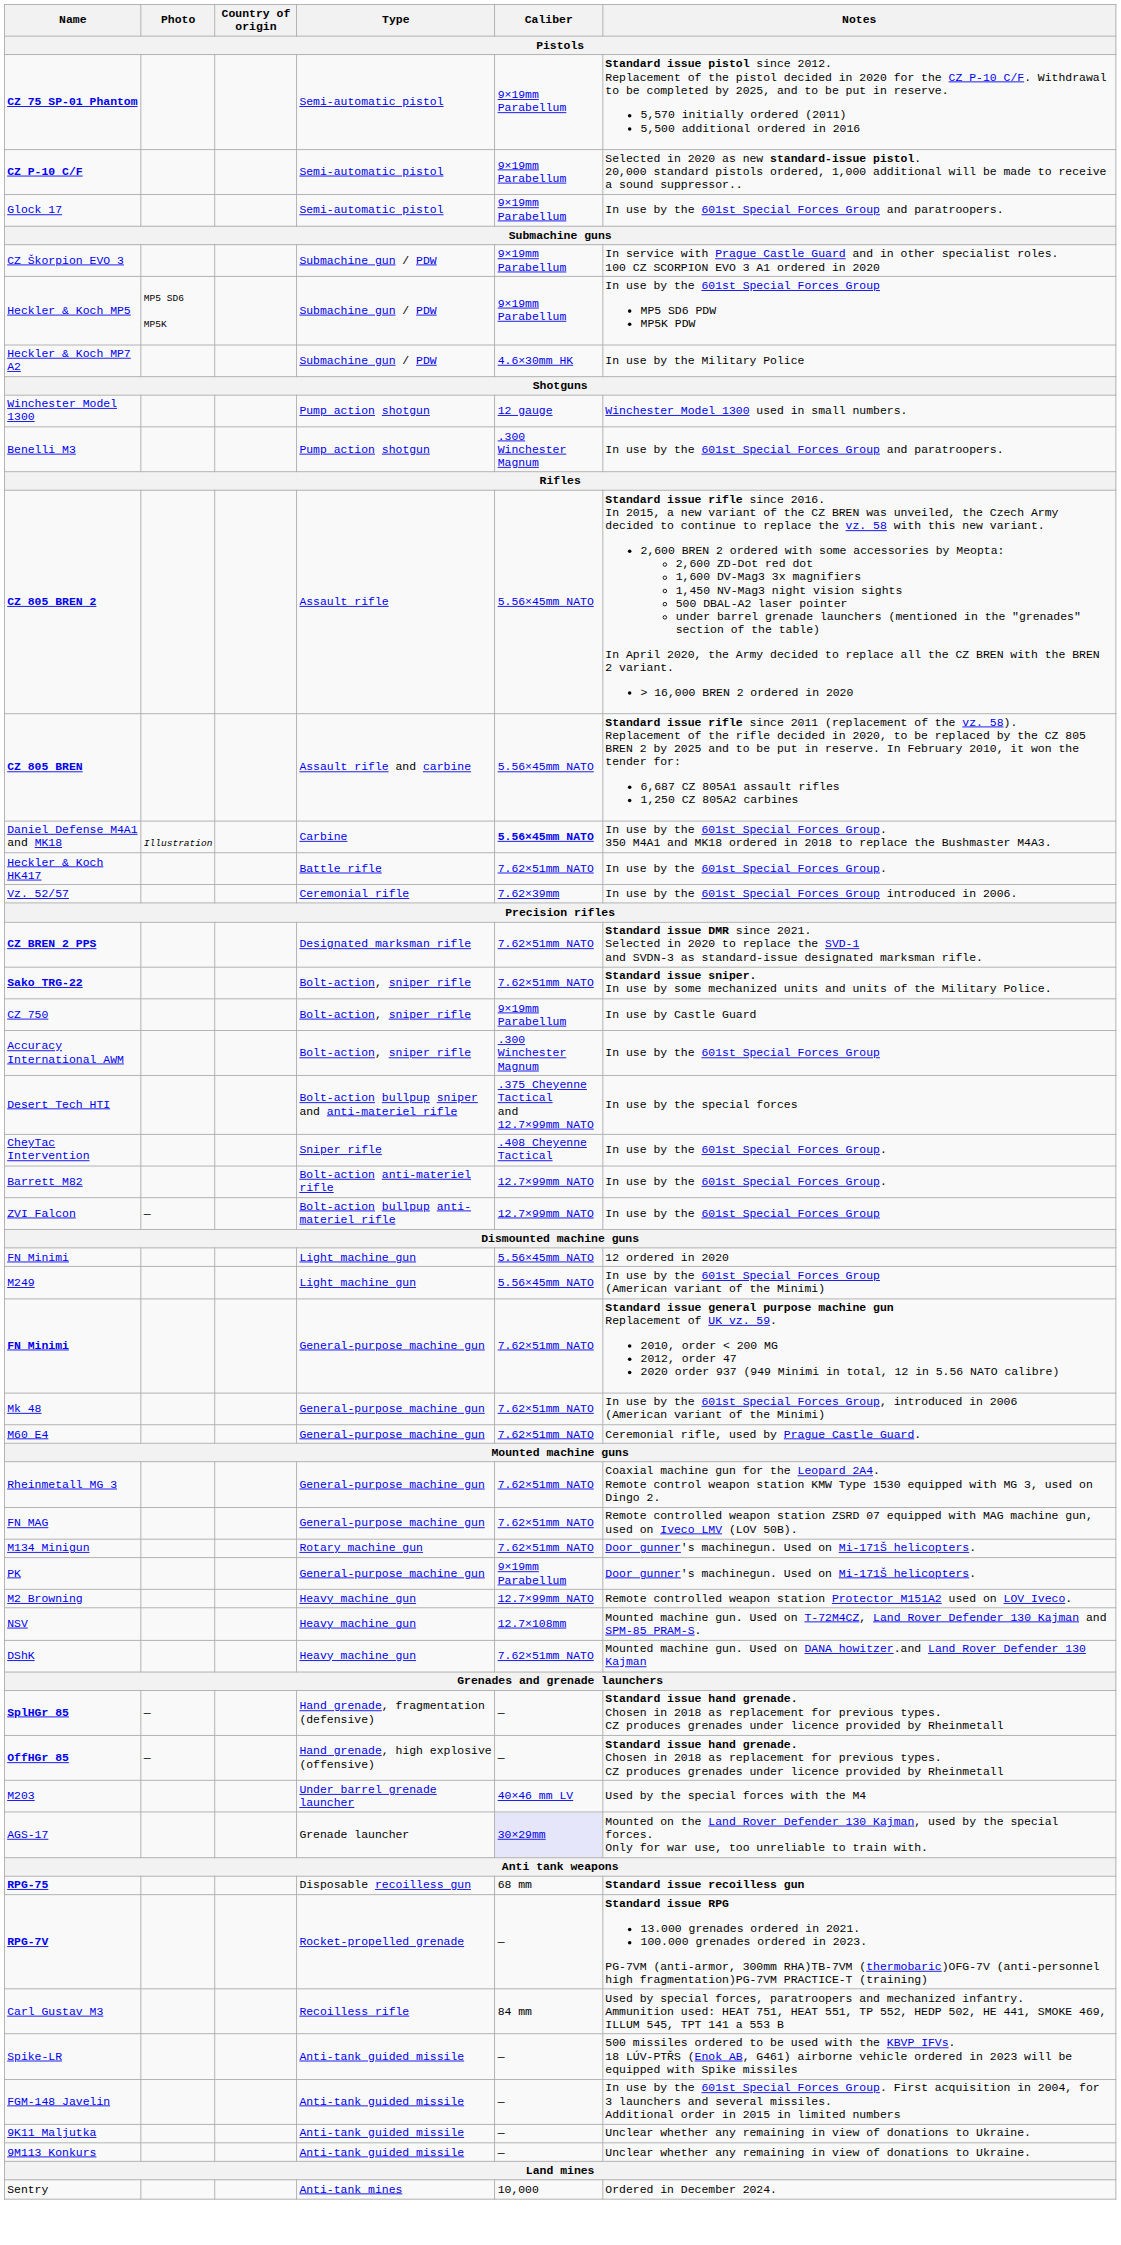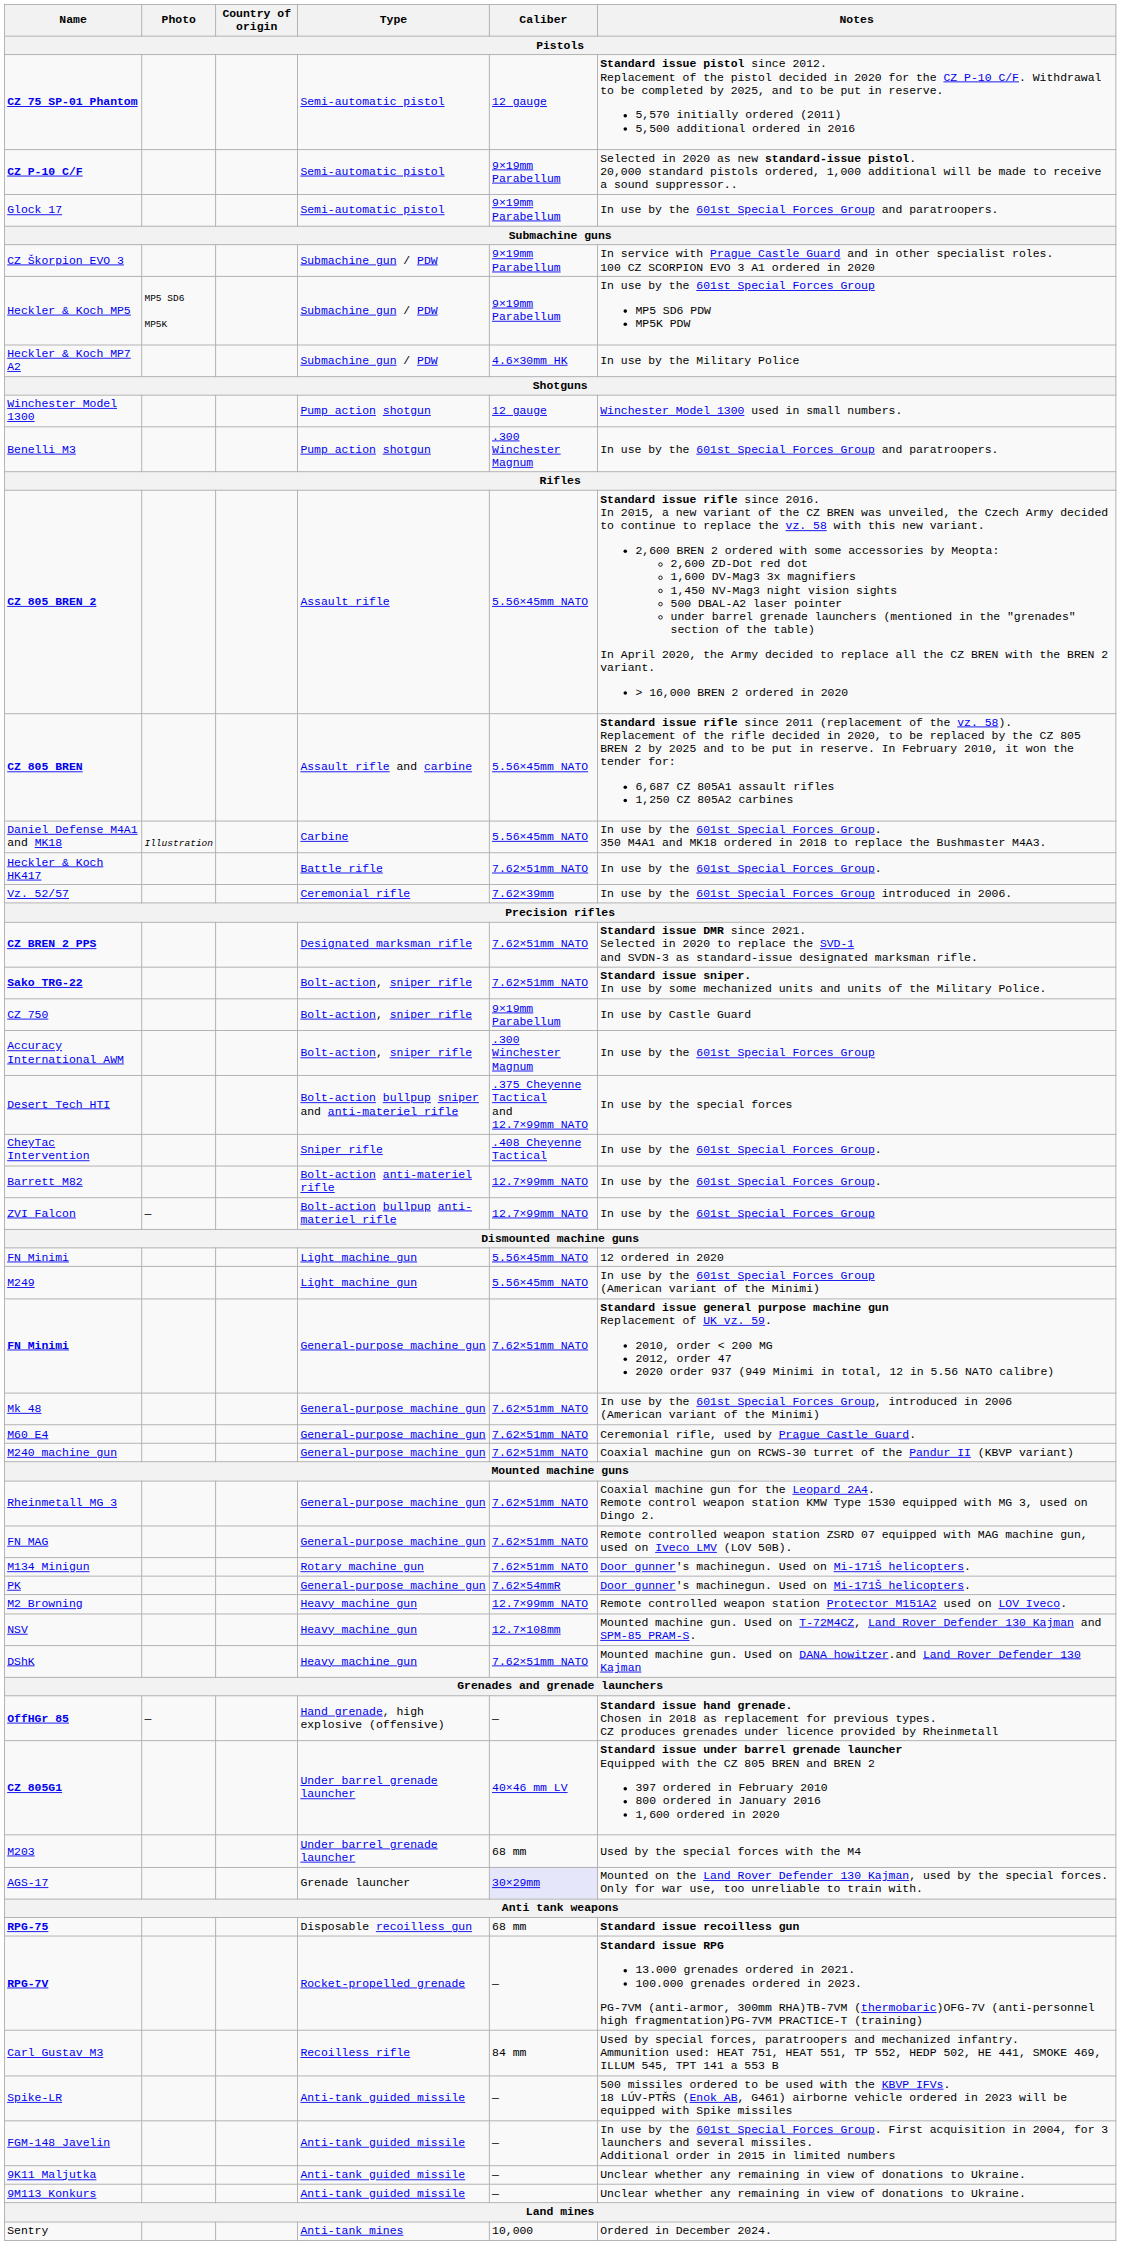 <table class="wikitable" border="0" width="100%">
 <tr>
 <th>Name</th>
 <th>Photo</th>
 <th>Country of origin</th>
 <th>Type</th>
 <th>Caliber</th>
 <th>Notes</th>
 </tr>
 <tr>
 <th colspan="6">Pistols</th>
 </tr>
 <tr>
 <td><a href='#'><strong>CZ 75 SP-01 Phantom</strong></a></td>
 <td></td>
 <td></td>
 <td><a href='#'>Semi-automatic pistol</a></td>
-<td><a href='#'>9×19mm Parabellum</a></td>
+<td><a href='#'>12 gauge</a></td>
 <td><strong>Standard issue pistol</strong> since 2012.<br>Replacement of the pistol decided in 2020 for the <a href='#'>CZ P-10 C/F</a>.  Withdrawal to be completed by 2025, and to be put in reserve. <strong></strong><ul><li>5,570 initially ordered (2011)</li><li>5,500 additional ordered in 2016</li></ul></td>
 </tr>
 <tr>
 <td><a href='#'><strong>CZ P-10 C/F</strong></a></td>
 <td></td>
 <td></td>
 <td><a href='#'>Semi-automatic pistol</a></td>
 <td><a href='#'>9×19mm Parabellum</a></td>
 <td>Selected in 2020 as new <strong>standard-issue pistol</strong>.<br>20,000 standard pistols ordered, 1,000 additional will be made to receive a sound suppressor.. <strong></strong></td>
 </tr>
 <tr>
 <td><a href='#'>Glock 17</a></td>
 <td></td>
 <td></td>
 <td><a href='#'>Semi-automatic pistol</a></td>
 <td><a href='#'>9×19mm Parabellum</a></td>
 <td>In use by the <a href='#'>601st Special Forces Group</a> and paratroopers.</td>
 </tr>
 <tr>
 <th colspan="6">Submachine guns</th>
 </tr>
 <tr>
 <td><a href='#'>CZ Škorpion EVO 3</a></td>
 <td></td>
 <td></td>
 <td><a href='#'>Submachine gun</a> / <a href='#'>PDW</a></td>
 <td><a href='#'>9×19mm Parabellum</a></td>
 <td>In service with <a href='#'>Prague Castle Guard</a> and in other specialist roles.<br>100 CZ SCORPION EVO 3 A1 ordered in 2020 </td>
 </tr>
 <tr>
 <td><a href='#'>Heckler & Koch MP5</a></td>
 <td><small>MP5 SD6</small><br><br><small>MP5K</small><br></td>
 <td></td>
 <td><a href='#'>Submachine gun</a> / <a href='#'>PDW</a></td>
 <td><a href='#'>9×19mm Parabellum</a></td>
 <td>In use by the <a href='#'>601st Special Forces Group</a><br><ul><li>MP5 SD6 PDW</li><li>MP5K PDW</li></ul></td>
 </tr>
 <tr>
 <td><a href='#'>Heckler & Koch MP7 A2</a></td>
 <td></td>
 <td></td>
 <td><a href='#'>Submachine gun</a> / <a href='#'>PDW</a></td>
 <td><a href='#'>4.6×30mm HK</a></td>
 <td>In use by the Military Police </td>
 </tr>
 <tr>
 <th colspan="6">Shotguns</th>
 </tr>
 <tr>
 <td><a href='#'>Winchester Model 1300</a></td>
 <td></td>
 <td></td>
 <td><a href='#'>Pump action</a> <a href='#'>shotgun</a></td>
 <td><a href='#'>12 gauge</a></td>
 <td><a href='#'>Winchester Model 1300</a> used in small numbers.</td>
 </tr>
 <tr>
 <td><a href='#'>Benelli M3</a></td>
 <td></td>
 <td></td>
 <td><a href='#'>Pump action</a> <a href='#'>shotgun</a></td>
 <td><a href='#'>.300 Winchester Magnum</a></td>
 <td>In use by the <a href='#'>601st Special Forces Group</a> and paratroopers.</td>
 </tr>
 <tr>
 <th colspan="6">Rifles</th>
 </tr>
 <tr>
 <td><a href='#'><strong>CZ 805 BREN 2</strong></a></td>
 <td></td>
 <td></td>
 <td><a href='#'>Assault rifle</a></td>
 <td><a href='#'>5.56×45mm NATO</a></td>
 <td><strong>Standard issue rifle</strong> since 2016.<br>In 2015, a new variant of the CZ BREN was unveiled, the Czech Army decided to continue to replace the <a href='#'>vz. 58</a> with this new variant.<ul><li>2,600 BREN 2 ordered with some accessories by Meopta:<ul><li>2,600 ZD-Dot red dot</li><li>1,600 DV-Mag3 3x magnifiers</li><li>1,450 NV-Mag3 night vision sights</li><li>500 DBAL-A2 laser pointer</li><li>under barrel grenade launchers (mentioned in the "grenades" section of the table)</li></ul></li></ul>In April 2020, the Army decided to replace all the CZ BREN with the BREN 2 variant.<ul><li>> 16,000 BREN 2 ordered in 2020</li></ul></td>
 </tr>
 <tr>
 <td><strong><a href='#'>CZ 805 BREN</a></strong></td>
 <td></td>
 <td></td>
 <td><a href='#'>Assault rifle</a> and <a href='#'>carbine</a></td>
 <td><a href='#'>5.56×45mm NATO</a></td>
 <td><strong>Standard issue rifle</strong> since 2011 (replacement of the <a href='#'>vz. 58</a>).<br>Replacement of the rifle decided in 2020, to be replaced by the CZ 805 BREN 2 by 2025 and to be put in reserve. In February 2010, it won the tender for:<ul><li>6,687 CZ 805A1 assault rifles</li><li>1,250 CZ 805A2 carbines</li></ul></td>
 </tr>
 <tr>
 <td><a href='#'>Daniel Defense M4A1</a> and <a href='#'>MK18</a></td>
 <td><br><small><em>Illustration</em></small></td>
 <td></td>
 <td><a href='#'>Carbine</a></td>
-<td><strong><a href='#'>5.56×45mm NATO</a></strong></td>
+<td><a href='#'>5.56×45mm NATO</a></td>
 <td>In use by the <a href='#'>601st Special Forces Group</a>.<br>350 M4A1 and MK18 ordered in 2018 to replace the Bushmaster M4A3.</td>
 </tr>
 <tr>
 <td><a href='#'>Heckler & Koch HK417</a></td>
 <td></td>
 <td></td>
 <td><a href='#'>Battle rifle</a></td>
 <td><a href='#'>7.62×51mm NATO</a></td>
 <td>In use by the <a href='#'>601st Special Forces Group</a>.</td>
 </tr>
 <tr>
 <td><a href='#'>Vz. 52/57</a></td>
 <td></td>
 <td></td>
 <td><a href='#'>Ceremonial rifle</a></td>
 <td><a href='#'>7.62×39mm</a></td>
 <td>In use by the <a href='#'>601st Special Forces Group</a> introduced in 2006.</td>
 </tr>
 <tr>
 <th colspan="6">Precision rifles</th>
 </tr>
 <tr>
 <td><a href='#'><strong>CZ BREN 2 PPS</strong></a></td>
 <td></td>
 <td></td>
 <td><a href='#'>Designated marksman rifle</a></td>
 <td><a href='#'>7.62×51mm NATO</a></td>
 <td><strong>Standard issue DMR</strong> since 2021.<br>Selected in 2020 to replace the <a href='#'>SVD-1</a><br>and SVDN-3 as standard-issue designated marksman rifle.</td>
 </tr>
 <tr>
 <td><a href='#'><strong>Sako TRG-22</strong></a></td>
 <td></td>
 <td></td>
 <td><a href='#'>Bolt-action</a>, <a href='#'>sniper rifle</a></td>
 <td><a href='#'>7.62×51mm NATO</a></td>
 <td><strong>Standard issue sniper.</strong><br>In use by some mechanized units and units of the Military Police.</td>
 </tr>
 <tr>
 <td><a href='#'>CZ 750</a></td>
 <td></td>
 <td></td>
 <td><a href='#'>Bolt-action</a>, <a href='#'>sniper rifle</a></td>
 <td><a href='#'>9×19mm Parabellum</a></td>
 <td>In use by Castle Guard </td>
 </tr>
 <tr>
 <td><a href='#'>Accuracy International AWM</a></td>
 <td></td>
 <td></td>
 <td><a href='#'>Bolt-action</a>, <a href='#'>sniper rifle</a></td>
 <td><a href='#'>.300 Winchester Magnum</a></td>
 <td>In use by the <a href='#'>601st Special Forces Group</a></td>
 </tr>
 <tr>
 <td><a href='#'>Desert Tech HTI</a></td>
 <td></td>
 <td></td>
 <td><a href='#'>Bolt-action</a> <a href='#'>bullpup</a> <a href='#'>sniper</a> and <a href='#'>anti-materiel rifle</a></td>
 <td><a href='#'>.375 Cheyenne Tactical</a> <br>and <br><a href='#'>12.7×99mm NATO</a></td>
 <td>In use by the special forces </td>
 </tr>
 <tr>
 <td><a href='#'>CheyTac Intervention</a></td>
 <td></td>
 <td></td>
 <td><a href='#'>Sniper rifle</a></td>
 <td><a href='#'>.408 Cheyenne Tactical</a></td>
 <td>In use by the <a href='#'>601st Special Forces Group</a>.</td>
 </tr>
 <tr>
 <td><a href='#'>Barrett M82</a></td>
 <td></td>
 <td></td>
 <td><a href='#'>Bolt-action</a> <a href='#'>anti-materiel rifle</a></td>
 <td><a href='#'>12.7×99mm NATO</a></td>
 <td>In use by the <a href='#'>601st Special Forces Group</a>.</td>
 </tr>
 <tr>
 <td><a href='#'>ZVI Falcon</a></td>
 <td>—</td>
 <td></td>
 <td><a href='#'>Bolt-action</a> <a href='#'>bullpup</a> <a href='#'>anti-materiel rifle</a></td>
 <td><a href='#'>12.7×99mm NATO</a></td>
 <td>In use by the <a href='#'>601st Special Forces Group</a></td>
 </tr>
 <tr>
 <th colspan="6">Dismounted machine guns</th>
 </tr>
 <tr>
 <td><a href='#'>FN Minimi</a></td>
 <td></td>
 <td></td>
 <td><a href='#'>Light machine gun</a></td>
 <td><a href='#'>5.56×45mm NATO</a></td>
 <td>12 ordered in 2020 </td>
 </tr>
 <tr>
 <td><a href='#'>M249</a></td>
 <td></td>
 <td><br></td>
 <td><a href='#'>Light machine gun</a></td>
 <td><a href='#'>5.56×45mm NATO</a></td>
 <td>In use by the <a href='#'>601st Special Forces Group</a><br>(American variant of the Minimi)</td>
 </tr>
 <tr>
 <td><strong><a href='#'>FN Minimi</a></strong></td>
 <td></td>
 <td></td>
 <td><a href='#'>General-purpose machine gun</a></td>
 <td><a href='#'>7.62×51mm NATO</a></td>
 <td><strong>Standard issue general purpose machine gun</strong><br>Replacement of <a href='#'>UK vz. 59</a>.<ul><li>2010, order < 200 MG</li><li>2012, order 47 </li><li>2020 order 937  (949 Minimi in total, 12 in 5.56 NATO calibre)</li></ul></td>
 </tr>
 <tr>
 <td><a href='#'>Mk 48</a></td>
 <td></td>
 <td><br></td>
 <td><a href='#'>General-purpose machine gun</a></td>
 <td><a href='#'>7.62×51mm NATO</a></td>
 <td>In use by the <a href='#'>601st Special Forces Group</a>, introduced in 2006<br>(American variant of the Minimi)</td>
 </tr>
 <tr>
 <td><a href='#'>M60 E4</a></td>
 <td></td>
 <td></td>
 <td><a href='#'>General-purpose machine gun</a></td>
 <td><a href='#'>7.62×51mm NATO</a></td>
 <td>Ceremonial rifle, used by <a href='#'>Prague Castle Guard</a>.</td>
 </tr>
 <tr>
+<td><a href='#'>M240 machine gun</a></td>
+<td></td>
+<td></td>
+<td><a href='#'>General-purpose machine gun</a></td>
+<td><a href='#'>7.62×51mm NATO</a></td>
+<td>Coaxial machine gun on RCWS-30 turret of the <a href='#'>Pandur II</a> (KBVP variant) </td>
+</tr>
+<tr>
 <th colspan="6">Mounted machine guns</th>
 </tr>
 <tr>
 <td><a href='#'>Rheinmetall MG 3</a></td>
 <td></td>
 <td></td>
 <td><a href='#'>General-purpose machine gun</a></td>
 <td><a href='#'>7.62×51mm NATO</a></td>
 <td>Coaxial machine gun for the <a href='#'>Leopard 2A4</a>.<br>Remote control weapon station KMW Type 1530 equipped with MG 3, used on Dingo 2.</td>
 </tr>
 <tr>
 <td><a href='#'>FN MAG</a></td>
 <td></td>
 <td><br></td>
 <td><a href='#'>General-purpose machine gun</a></td>
 <td><a href='#'>7.62×51mm NATO</a></td>
 <td>Remote controlled weapon station ZSRD 07 equipped with MAG machine gun, used on <a href='#'>Iveco LMV</a> (LOV 50B).</td>
 </tr>
 <tr>
 <td><a href='#'>M134 Minigun</a></td>
 <td><br></td>
 <td></td>
 <td><a href='#'>Rotary machine gun</a></td>
 <td><a href='#'>7.62×51mm NATO</a></td>
 <td><a href='#'>Door gunner</a>'s machinegun. Used on <a href='#'>Mi-171Š helicopters</a>.</td>
 </tr>
 <tr>
 <td><a href='#'>PK</a></td>
 <td></td>
 <td></td>
 <td><a href='#'>General-purpose machine gun</a></td>
-<td><a href='#'>9×19mm Parabellum</a></td>
+<td><a href='#'>7.62×54mmR</a></td>
 <td><a href='#'>Door gunner</a>'s machinegun. Used on <a href='#'>Mi-171Š helicopters</a>.</td>
 </tr>
 <tr>
 <td><a href='#'>M2 Browning</a></td>
 <td></td>
 <td><br></td>
 <td><a href='#'>Heavy machine gun</a></td>
 <td><a href='#'>12.7×99mm NATO</a></td>
 <td>Remote controlled weapon station <a href='#'>Protector M151A2</a> used on <a href='#'>LOV Iveco</a>.</td>
 </tr>
 <tr>
 <td><a href='#'>NSV</a></td>
 <td></td>
 <td></td>
 <td><a href='#'>Heavy machine gun</a></td>
 <td><a href='#'>12.7×108mm</a></td>
 <td>Mounted machine gun. Used on <a href='#'>T-72M4CZ</a>, <a href='#'>Land Rover Defender 130 Kajman</a> and <a href='#'>SPM-85 PRAM-S</a>.</td>
 </tr>
 <tr>
 <td><a href='#'>DShK</a></td>
 <td></td>
 <td></td>
 <td><a href='#'>Heavy machine gun</a></td>
 <td><a href='#'>7.62×51mm NATO</a></td>
 <td>Mounted machine gun. Used on <a href='#'>DANA howitzer</a>.and <a href='#'>Land Rover Defender 130 Kajman</a></td>
 </tr>
 <tr>
 <th colspan="6">Grenades and grenade launchers</th>
 </tr>
 <tr>
-<td><strong><a href='#'>SplHGr 85</a></strong></td>
-<td>—</td>
-<td><br></td>
-<td><a href='#'>Hand grenade</a>, fragmentation (defensive)</td>
-<td>—</td>
-<td><strong>Standard issue hand grenade.</strong><br>Chosen in 2018 as replacement for previous types.<br>CZ produces grenades under licence provided by Rheinmetall</td>
-</tr>
-<tr>
 <td><strong><a href='#'>OffHGr 85</a></strong></td>
 <td>—</td>
 <td><br></td>
 <td><a href='#'>Hand grenade</a>, high explosive (offensive)</td>
 <td>—</td>
 <td><strong>Standard issue hand grenade.</strong><br>Chosen in 2018 as replacement for previous types.<br>CZ produces grenades under licence provided by Rheinmetall</td>
 </tr>
 <tr>
+<td><a href='#'><strong>CZ 805G1</strong></a></td>
+<td></td>
+<td></td>
+<td><a href='#'>Under barrel grenade launcher</a></td>
+<td><a href='#'>40×46 mm LV</a></td>
+<td><strong>Standard issue under barrel grenade launcher</strong> <br>Equipped with the CZ 805 BREN and BREN 2<ul><li>397 ordered in February 2010 </li><li>800 ordered in January 2016</li><li>1,600 ordered in 2020 </li></ul></td>
+</tr>
+<tr>
 <td><a href='#'>M203</a></td>
 <td></td>
 <td></td>
 <td><a href='#'>Under barrel grenade launcher</a></td>
-<td><a href='#'>40×46 mm LV</a></td>
+<td>68 mm</td>
 <td>Used by the special forces with the M4</td>
 </tr>
 <tr>
 <td><a href='#'>AGS-17</a></td>
 <td></td>
 <td></td>
 <td>Grenade launcher</td>
 <td style="background: lavender;"><a href='#'>30×29mm</a></td>
 <td>Mounted on the <a href='#'>Land Rover Defender 130 Kajman</a>, used by the special forces.<br>Only for war use, too unreliable to train with.</td>
 </tr>
 <tr>
 <th colspan="6">Anti tank weapons</th>
 </tr>
 <tr>
 <td><strong><a href='#'>RPG-75</a></strong></td>
 <td></td>
 <td></td>
 <td>Disposable <a href='#'>recoilless gun</a></td>
 <td>68 mm</td>
 <td><strong>Standard issue recoilless gun</strong></td>
 </tr>
 <tr>
 <td><strong><a href='#'>RPG-7V</a></strong></td>
 <td></td>
 <td><br></td>
 <td><a href='#'>Rocket-propelled grenade</a></td>
 <td>—</td>
 <td><strong>Standard issue RPG</strong><br><ul><li>13.000 grenades ordered in 2021.</li><li>100.000 grenades ordered in 2023.</li></ul>PG-7VM (anti-armor, 300mm RHA)TB-7VM (<a href='#'>thermobaric</a>)OFG-7V (anti-personnel high fragmentation)PG-7VM PRACTICE-T (training)</td>
 </tr>
 <tr>
 <td><a href='#'>Carl Gustav M3</a></td>
 <td></td>
 <td></td>
 <td><a href='#'>Recoilless rifle</a></td>
 <td>84 mm</td>
 <td>Used by special forces, paratroopers and mechanized infantry.<br>Ammunition used: HEAT 751, HEAT 551, TP 552, HEDP 502, HE 441, SMOKE 469, ILLUM 545, TPT 141 a 553 B </td>
 </tr>
 <tr>
 <td><a href='#'>Spike-LR</a></td>
 <td></td>
 <td></td>
 <td><a href='#'>Anti-tank guided missile</a></td>
 <td>—</td>
 <td>500 missiles ordered to be used with the <a href='#'>KBVP IFVs</a>.<br>18 LÚV-PTŘS (<a href='#'>Enok AB</a>, G461) airborne vehicle ordered in 2023 will be equipped with Spike missiles </td>
 </tr>
 <tr>
 <td><a href='#'>FGM-148 Javelin</a></td>
 <td></td>
 <td></td>
 <td><a href='#'>Anti-tank guided missile</a></td>
 <td>—</td>
 <td>In use by the <a href='#'>601st Special Forces Group</a>. First acquisition in 2004, for 3 launchers and several missiles.<br>Additional order in 2015 in limited numbers</td>
 </tr>
 <tr>
 <td><a href='#'>9K11 Maljutka</a></td>
 <td></td>
 <td></td>
 <td><a href='#'>Anti-tank guided missile</a></td>
 <td>—</td>
 <td>Unclear whether any remaining in view of donations to Ukraine.</td>
 </tr>
 <tr>
 <td><a href='#'>9M113 Konkurs</a></td>
 <td></td>
 <td></td>
 <td><a href='#'>Anti-tank guided missile</a></td>
 <td>—</td>
 <td>Unclear whether any remaining in view of donations to Ukraine.</td>
 </tr>
 <tr>
 <th colspan="6">Land mines</th>
 </tr>
 <tr>
 <td>Sentry</td>
 <td></td>
 <td><br></td>
 <td><a href='#'>Anti-tank mines</a></td>
 <td>10,000</td>
 <td>Ordered in December 2024.</td>
 </tr>
 </table>
